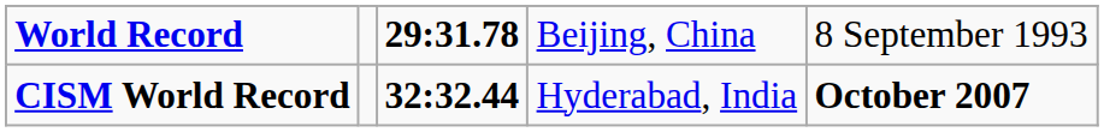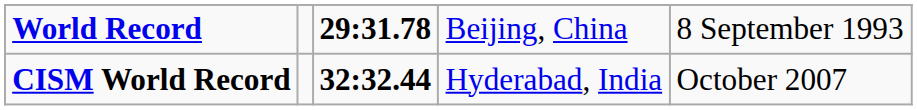 <table class="wikitable">
 <tr>
 <td><strong><a href='#'>World Record</a></strong></td>
 <td></td>
 <td><strong>29:31.78</strong></td>
 <td><a href='#'>Beijing</a>, <a href='#'>China</a></td>
 <td>8 September 1993</td>
 </tr>
 <tr>
 <td><strong><a href='#'>CISM</a> World Record</strong></td>
 <td></td>
 <td><strong>32:32.44</strong></td>
 <td><a href='#'>Hyderabad</a>, <a href='#'>India</a></td>
-<td><strong>October 2007</strong></td>
+<td>October 2007</td>
 </tr>
 </table>
